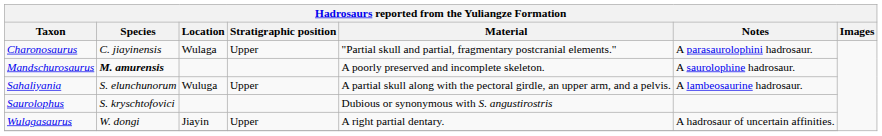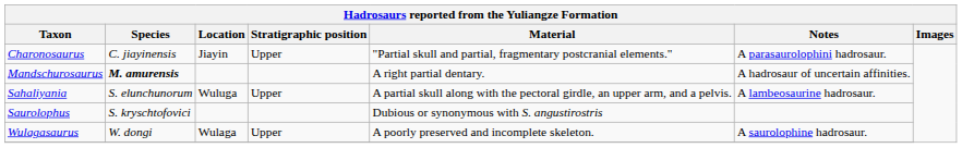 <table class="wikitable" align="center">
 <tr>
 <th colspan="7" align="center"><strong><a href='#'>Hadrosaurs</a> reported from the Yuliangze Formation</strong></th>
 </tr>
 <tr>
 <th>Taxon</th>
 <th>Species</th>
 <th>Location</th>
 <th>Stratigraphic position</th>
 <th>Material</th>
 <th>Notes</th>
 <th>Images</th>
 </tr>
 <tr>
 <td><em><a href='#'>Charonosaurus</a></em></td>
 <td><em>C. jiayinensis</em></td>
-<td>Wulaga</td>
+<td>Jiayin</td>
 <td>Upper</td>
 <td>"Partial skull and partial, fragmentary postcranial elements."</td>
 <td>A <a href='#'>parasaurolophini</a> hadrosaur.</td>
 <td rowspan = 100><br>  </td>
 </tr>
 <tr>
 <td><em><a href='#'>Mandschurosaurus</a></em></td>
 <td><strong><em>M. amurensis</em></strong></td>
 <td></td>
 <td></td>
-<td>A poorly preserved and incomplete skeleton.</td>
-<td>A <a href='#'>saurolophine</a> hadrosaur.</td>
+<td>A right partial dentary.</td>
+<td>A hadrosaur of uncertain affinities.</td>
 </tr>
 <tr>
 <td><em><a href='#'>Sahaliyania</a></em></td>
 <td><em>S. elunchunorum</em></td>
 <td>Wuluga</td>
 <td>Upper</td>
 <td>A partial skull along with the pectoral girdle, an upper arm, and a pelvis.</td>
 <td>A <a href='#'>lambeosaurine</a> hadrosaur.</td>
 </tr>
 <tr>
 <td><em><a href='#'>Saurolophus</a></em></td>
 <td><em>S. kryschtofovici</em></td>
 <td></td>
 <td></td>
 <td>Dubious or synonymous with <em>S. angustirostris</em></td>
 <td></td>
 </tr>
 <tr>
 <td><em><a href='#'>Wulagasaurus</a></em></td>
 <td><em>W. dongi</em></td>
-<td>Jiayin</td>
+<td>Wulaga</td>
 <td>Upper</td>
-<td>A right partial dentary.</td>
-<td>A hadrosaur of uncertain affinities.</td>
+<td>A poorly preserved and incomplete skeleton.</td>
+<td>A <a href='#'>saurolophine</a> hadrosaur.</td>
 </tr>
 <tr>
 </tr>
 </table>
